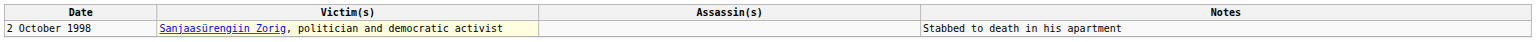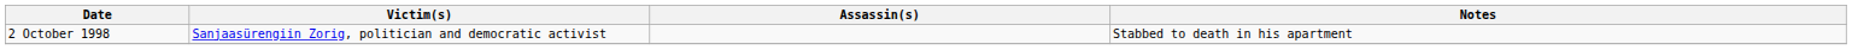 <table class="wikitable"  style="width:100%">
 <tr>
 <th style="width:10%">Date</th>
 <th style="width:25%">Victim(s)</th>
 <th style="width:25%">Assassin(s)</th>
 <th style="width:40%">Notes</th>
 </tr>
 <tr>
 <td>2 October 1998</td>
-<td style="background: lightyellow;"><a href='#'>Sanjaasürengiin Zorig</a>, politician and democratic activist</td>
+<td><a href='#'>Sanjaasürengiin Zorig</a>, politician and democratic activist</td>
 <td></td>
 <td>Stabbed to death in his apartment</td>
 </tr>
 <tr>
 </tr>
 </table>
